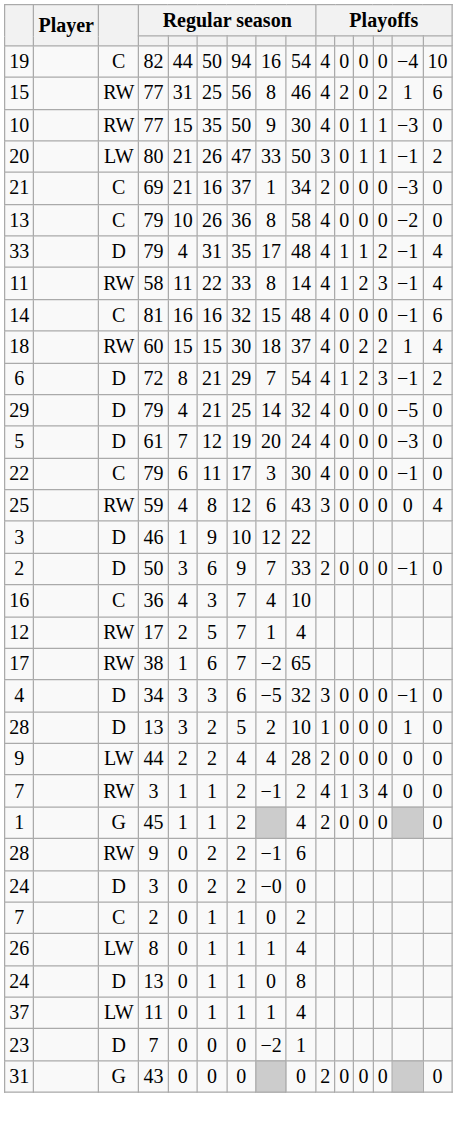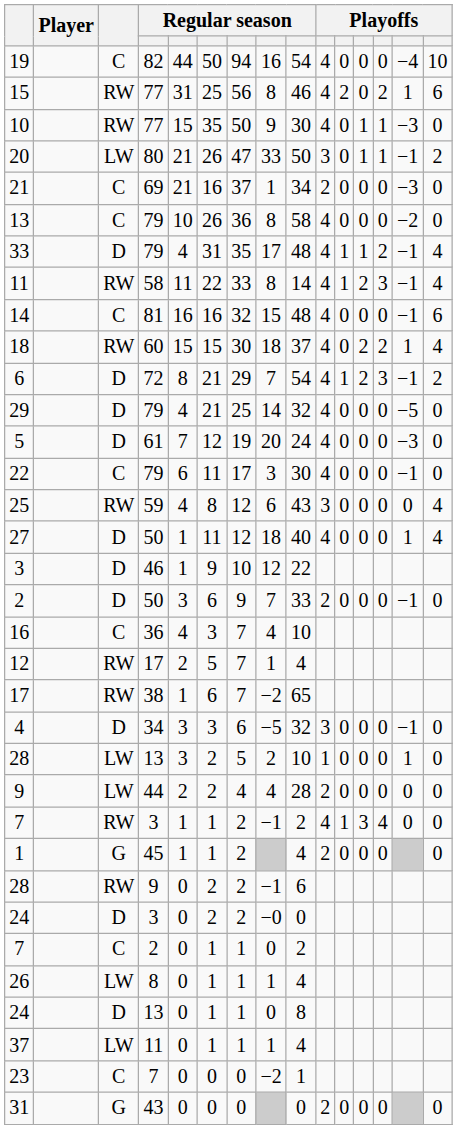 <table class="wikitable sortable plainrowheaders" style="text-align:center;">
 <tr>
 <th scope="col" data-sort-type="number" rowspan="2"></th>
 <th scope="col" rowspan="2">Player</th>
 <th scope="col" rowspan="2"></th>
 <th scope=colgroup colspan=6>Regular season</th>
 <th scope=colgroup colspan=6>Playoffs</th>
 </tr>
 <tr>
 <th scope="col" data-sort-type="number"></th>
 <th scope="col" data-sort-type="number"></th>
 <th scope="col" data-sort-type="number"></th>
 <th scope="col" data-sort-type="number"></th>
 <th scope="col" data-sort-type="number"></th>
 <th scope="col" data-sort-type="number"></th>
 <th scope="col" data-sort-type="number"></th>
 <th scope="col" data-sort-type="number"></th>
 <th scope="col" data-sort-type="number"></th>
 <th scope="col" data-sort-type="number"></th>
 <th scope="col" data-sort-type="number"></th>
 <th scope="col" data-sort-type="number"></th>
 </tr>
 <tr>
 <td scope="row">19</td>
 <td align="left"></td>
 <td>C</td>
 <td>82</td>
 <td>44</td>
 <td>50</td>
 <td>94</td>
 <td>16</td>
 <td>54</td>
 <td>4</td>
 <td>0</td>
 <td>0</td>
 <td>0</td>
 <td>−4</td>
 <td>10</td>
 </tr>
 <tr>
 <td scope="row">15</td>
 <td align="left"></td>
 <td>RW</td>
 <td>77</td>
 <td>31</td>
 <td>25</td>
 <td>56</td>
 <td>8</td>
 <td>46</td>
 <td>4</td>
 <td>2</td>
 <td>0</td>
 <td>2</td>
 <td>1</td>
 <td>6</td>
 </tr>
 <tr>
 <td scope="row">10</td>
 <td align="left"></td>
 <td>RW</td>
 <td>77</td>
 <td>15</td>
 <td>35</td>
 <td>50</td>
 <td>9</td>
 <td>30</td>
 <td>4</td>
 <td>0</td>
 <td>1</td>
 <td>1</td>
 <td>−3</td>
 <td>0</td>
 </tr>
 <tr>
 <td scope="row">20</td>
 <td align="left"></td>
 <td>LW</td>
 <td>80</td>
 <td>21</td>
 <td>26</td>
 <td>47</td>
 <td>33</td>
 <td>50</td>
 <td>3</td>
 <td>0</td>
 <td>1</td>
 <td>1</td>
 <td>−1</td>
 <td>2</td>
 </tr>
 <tr>
 <td scope="row">21</td>
 <td align="left"></td>
 <td>C</td>
 <td>69</td>
 <td>21</td>
 <td>16</td>
 <td>37</td>
 <td>1</td>
 <td>34</td>
 <td>2</td>
 <td>0</td>
 <td>0</td>
 <td>0</td>
 <td>−3</td>
 <td>0</td>
 </tr>
 <tr>
 <td scope="row">13</td>
 <td align="left"></td>
 <td>C</td>
 <td>79</td>
 <td>10</td>
 <td>26</td>
 <td>36</td>
 <td>8</td>
 <td>58</td>
 <td>4</td>
 <td>0</td>
 <td>0</td>
 <td>0</td>
 <td>−2</td>
 <td>0</td>
 </tr>
 <tr>
 <td scope="row">33</td>
 <td align="left"></td>
 <td>D</td>
 <td>79</td>
 <td>4</td>
 <td>31</td>
 <td>35</td>
 <td>17</td>
 <td>48</td>
 <td>4</td>
 <td>1</td>
 <td>1</td>
 <td>2</td>
 <td>−1</td>
 <td>4</td>
 </tr>
 <tr>
 <td scope="row">11</td>
 <td align="left"></td>
 <td>RW</td>
 <td>58</td>
 <td>11</td>
 <td>22</td>
 <td>33</td>
 <td>8</td>
 <td>14</td>
 <td>4</td>
 <td>1</td>
 <td>2</td>
 <td>3</td>
 <td>−1</td>
 <td>4</td>
 </tr>
 <tr>
 <td scope="row">14</td>
 <td align="left"></td>
 <td>C</td>
 <td>81</td>
 <td>16</td>
 <td>16</td>
 <td>32</td>
 <td>15</td>
 <td>48</td>
 <td>4</td>
 <td>0</td>
 <td>0</td>
 <td>0</td>
 <td>−1</td>
 <td>6</td>
 </tr>
 <tr>
 <td scope="row">18</td>
 <td align="left"></td>
 <td>RW</td>
 <td>60</td>
 <td>15</td>
 <td>15</td>
 <td>30</td>
 <td>18</td>
 <td>37</td>
 <td>4</td>
 <td>0</td>
 <td>2</td>
 <td>2</td>
 <td>1</td>
 <td>4</td>
 </tr>
 <tr>
 <td scope="row">6</td>
 <td align="left"></td>
 <td>D</td>
 <td>72</td>
 <td>8</td>
 <td>21</td>
 <td>29</td>
 <td>7</td>
 <td>54</td>
 <td>4</td>
 <td>1</td>
 <td>2</td>
 <td>3</td>
 <td>−1</td>
 <td>2</td>
 </tr>
 <tr>
 <td scope="row">29</td>
 <td align="left"></td>
 <td>D</td>
 <td>79</td>
 <td>4</td>
 <td>21</td>
 <td>25</td>
 <td>14</td>
 <td>32</td>
 <td>4</td>
 <td>0</td>
 <td>0</td>
 <td>0</td>
 <td>−5</td>
 <td>0</td>
 </tr>
 <tr>
 <td scope="row">5</td>
 <td align="left"></td>
 <td>D</td>
 <td>61</td>
 <td>7</td>
 <td>12</td>
 <td>19</td>
 <td>20</td>
 <td>24</td>
 <td>4</td>
 <td>0</td>
 <td>0</td>
 <td>0</td>
 <td>−3</td>
 <td>0</td>
 </tr>
 <tr>
 <td scope="row">22</td>
 <td align="left"></td>
 <td>C</td>
 <td>79</td>
 <td>6</td>
 <td>11</td>
 <td>17</td>
 <td>3</td>
 <td>30</td>
 <td>4</td>
 <td>0</td>
 <td>0</td>
 <td>0</td>
 <td>−1</td>
 <td>0</td>
 </tr>
 <tr>
 <td scope="row">25</td>
 <td align="left"></td>
 <td>RW</td>
 <td>59</td>
 <td>4</td>
 <td>8</td>
 <td>12</td>
 <td>6</td>
 <td>43</td>
 <td>3</td>
 <td>0</td>
 <td>0</td>
 <td>0</td>
 <td>0</td>
 <td>4</td>
 </tr>
 <tr>
+<td scope="row">27</td>
+<td align="left"></td>
+<td>D</td>
+<td>50</td>
+<td>1</td>
+<td>11</td>
+<td>12</td>
+<td>18</td>
+<td>40</td>
+<td>4</td>
+<td>0</td>
+<td>0</td>
+<td>0</td>
+<td>1</td>
+<td>4</td>
+</tr>
+<tr>
 <td scope="row">3</td>
 <td align="left"></td>
 <td>D</td>
 <td>46</td>
 <td>1</td>
 <td>9</td>
 <td>10</td>
 <td>12</td>
 <td>22</td>
 <td></td>
 <td></td>
 <td></td>
 <td></td>
 <td></td>
 <td></td>
 </tr>
 <tr>
 <td scope="row">2</td>
 <td align="left"></td>
 <td>D</td>
 <td>50</td>
 <td>3</td>
 <td>6</td>
 <td>9</td>
 <td>7</td>
 <td>33</td>
 <td>2</td>
 <td>0</td>
 <td>0</td>
 <td>0</td>
 <td>−1</td>
 <td>0</td>
 </tr>
 <tr>
 <td scope="row">16</td>
 <td align="left"></td>
 <td>C</td>
 <td>36</td>
 <td>4</td>
 <td>3</td>
 <td>7</td>
 <td>4</td>
 <td>10</td>
 <td></td>
 <td></td>
 <td></td>
 <td></td>
 <td></td>
 <td></td>
 </tr>
 <tr>
 <td scope="row">12</td>
 <td align="left"></td>
 <td>RW</td>
 <td>17</td>
 <td>2</td>
 <td>5</td>
 <td>7</td>
 <td>1</td>
 <td>4</td>
 <td></td>
 <td></td>
 <td></td>
 <td></td>
 <td></td>
 <td></td>
 </tr>
 <tr>
 <td scope="row">17</td>
 <td align="left"></td>
 <td>RW</td>
 <td>38</td>
 <td>1</td>
 <td>6</td>
 <td>7</td>
 <td>−2</td>
 <td>65</td>
 <td></td>
 <td></td>
 <td></td>
 <td></td>
 <td></td>
 <td></td>
 </tr>
 <tr>
 <td scope="row">4</td>
 <td align="left"></td>
 <td>D</td>
 <td>34</td>
 <td>3</td>
 <td>3</td>
 <td>6</td>
 <td>−5</td>
 <td>32</td>
 <td>3</td>
 <td>0</td>
 <td>0</td>
 <td>0</td>
 <td>−1</td>
 <td>0</td>
 </tr>
 <tr>
 <td scope="row">28</td>
 <td align="left"></td>
-<td>D</td>
+<td>LW</td>
 <td>13</td>
 <td>3</td>
 <td>2</td>
 <td>5</td>
 <td>2</td>
 <td>10</td>
 <td>1</td>
 <td>0</td>
 <td>0</td>
 <td>0</td>
 <td>1</td>
 <td>0</td>
 </tr>
 <tr>
 <td scope="row">9</td>
 <td align="left"></td>
 <td>LW</td>
 <td>44</td>
 <td>2</td>
 <td>2</td>
 <td>4</td>
 <td>4</td>
 <td>28</td>
 <td>2</td>
 <td>0</td>
 <td>0</td>
 <td>0</td>
 <td>0</td>
 <td>0</td>
 </tr>
 <tr>
 <td scope="row">7</td>
 <td align="left"></td>
 <td>RW</td>
 <td>3</td>
 <td>1</td>
 <td>1</td>
 <td>2</td>
 <td>−1</td>
 <td>2</td>
 <td>4</td>
 <td>1</td>
 <td>3</td>
 <td>4</td>
 <td>0</td>
 <td>0</td>
 </tr>
 <tr>
 <td scope="row">1</td>
 <td align="left"></td>
 <td>G</td>
 <td>45</td>
 <td>1</td>
 <td>1</td>
 <td>2</td>
 <td style="background:#ccc"></td>
 <td>4</td>
 <td>2</td>
 <td>0</td>
 <td>0</td>
 <td>0</td>
 <td style="background:#ccc"></td>
 <td>0</td>
 </tr>
 <tr>
 <td scope="row">28</td>
 <td align="left"></td>
 <td>RW</td>
 <td>9</td>
 <td>0</td>
 <td>2</td>
 <td>2</td>
 <td>−1</td>
 <td>6</td>
 <td></td>
 <td></td>
 <td></td>
 <td></td>
 <td></td>
 <td></td>
 </tr>
 <tr>
 <td scope="row">24</td>
 <td align="left"></td>
 <td>D</td>
 <td>3</td>
 <td>0</td>
 <td>2</td>
 <td>2</td>
 <td>−0</td>
 <td>0</td>
 <td></td>
 <td></td>
 <td></td>
 <td></td>
 <td></td>
 <td></td>
 </tr>
 <tr>
 <td scope="row">7</td>
 <td align="left"></td>
 <td>C</td>
 <td>2</td>
 <td>0</td>
 <td>1</td>
 <td>1</td>
 <td>0</td>
 <td>2</td>
 <td></td>
 <td></td>
 <td></td>
 <td></td>
 <td></td>
 <td></td>
 </tr>
 <tr>
 <td scope="row">26</td>
 <td align="left"></td>
 <td>LW</td>
 <td>8</td>
 <td>0</td>
 <td>1</td>
 <td>1</td>
 <td>1</td>
 <td>4</td>
 <td></td>
 <td></td>
 <td></td>
 <td></td>
 <td></td>
 <td></td>
 </tr>
 <tr>
 <td scope="row">24</td>
 <td align="left"></td>
 <td>D</td>
 <td>13</td>
 <td>0</td>
 <td>1</td>
 <td>1</td>
 <td>0</td>
 <td>8</td>
 <td></td>
 <td></td>
 <td></td>
 <td></td>
 <td></td>
 <td></td>
 </tr>
 <tr>
 <td scope="row">37</td>
 <td align="left"></td>
 <td>LW</td>
 <td>11</td>
 <td>0</td>
 <td>1</td>
 <td>1</td>
 <td>1</td>
 <td>4</td>
 <td></td>
 <td></td>
 <td></td>
 <td></td>
 <td></td>
 <td></td>
 </tr>
 <tr>
 <td scope="row">23</td>
 <td align="left"></td>
-<td>D</td>
+<td>C</td>
 <td>7</td>
 <td>0</td>
 <td>0</td>
 <td>0</td>
 <td>−2</td>
 <td>1</td>
 <td></td>
 <td></td>
 <td></td>
 <td></td>
 <td></td>
 <td></td>
 </tr>
 <tr>
 <td scope="row">31</td>
 <td align="left"></td>
 <td>G</td>
 <td>43</td>
 <td>0</td>
 <td>0</td>
 <td>0</td>
 <td style="background:#ccc"></td>
 <td>0</td>
 <td>2</td>
 <td>0</td>
 <td>0</td>
 <td>0</td>
 <td style="background:#ccc"></td>
 <td>0</td>
 </tr>
 </table>
